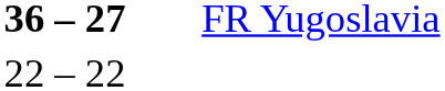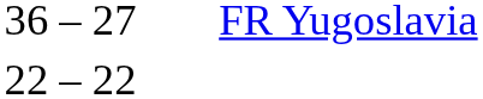 <table style="text-align:center">
 <tr>
 <th width=200></th>
 <th width=100></th>
 <th width=200></th>
 </tr>
 <tr>
 <td align=right><strong></strong></td>
-<td><strong>36 – 27</strong></td>
+<td>36 – 27</td>
 <td align=left> <a href='#'>FR Yugoslavia</a></td>
 </tr>
 <tr>
 <td align=right><strong></strong></td>
 <td>22 – 22</td>
 <td align=left><strong></strong></td>
 </tr>
 </table>
